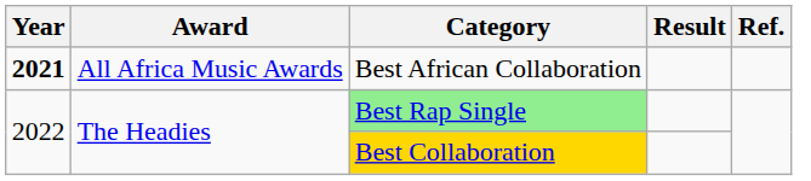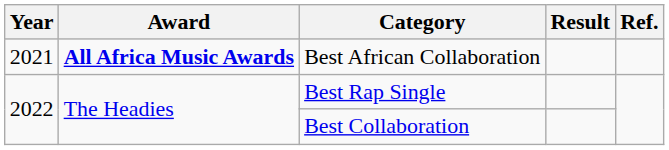 <table class="wikitable">
 <tr>
 <th>Year</th>
 <th>Award</th>
 <th>Category</th>
 <th>Result</th>
 <th>Ref.</th>
 </tr>
 <tr>
-<td><strong>2021</strong></td>
-<td><a href='#'>All Africa Music Awards</a></td>
+<td>2021</td>
+<td><strong><a href='#'>All Africa Music Awards</a></strong></td>
 <td>Best African Collaboration</td>
 <td></td>
 <td></td>
 </tr>
 <tr>
 <td rowspan="2">2022</td>
 <td rowspan="2"><a href='#'>The Headies</a></td>
-<td style="background: lightgreen;"><a href='#'>Best Rap Single</a></td>
+<td><a href='#'>Best Rap Single</a></td>
 <td></td>
 <td rowspan="2"></td>
 </tr>
 <tr>
-<td style="background: gold;"><a href='#'>Best Collaboration</a></td>
+<td><a href='#'>Best Collaboration</a></td>
 <td></td>
 </tr>
 </table>
